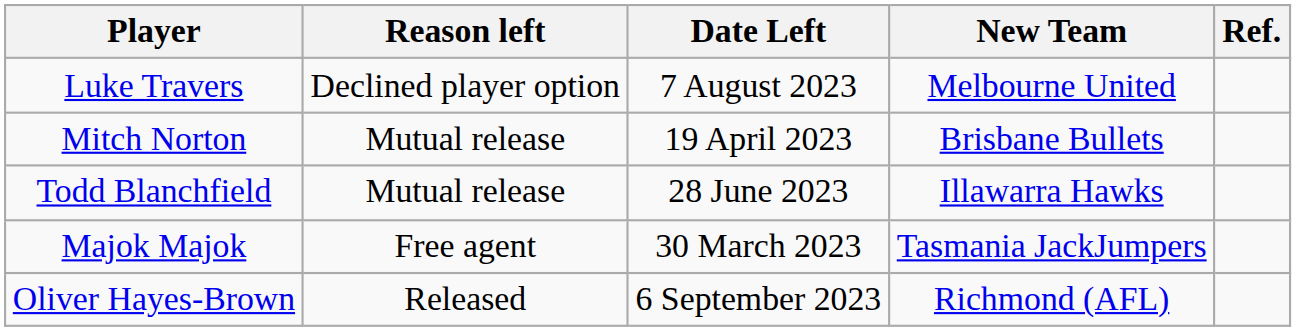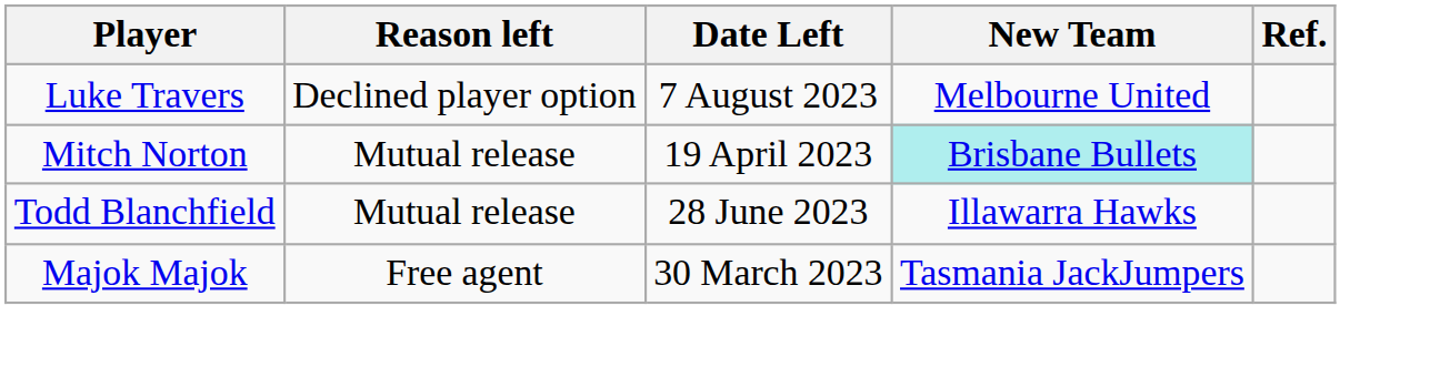 <table class="wikitable sortable sortable" style="text-align: center">
 <tr>
 <th>Player</th>
 <th>Reason left</th>
 <th>Date Left</th>
 <th>New Team</th>
 <th>Ref.</th>
 </tr>
 <tr>
 <td><a href='#'>Luke Travers</a></td>
 <td>Declined player option</td>
 <td>7 August 2023</td>
 <td><a href='#'>Melbourne United</a></td>
 <td></td>
 </tr>
 <tr>
 <td><a href='#'>Mitch Norton</a></td>
 <td>Mutual release</td>
 <td>19 April 2023</td>
-<td><a href='#'>Brisbane Bullets</a></td>
+<td style="background: paleturquoise;"><a href='#'>Brisbane Bullets</a></td>
 <td></td>
 </tr>
 <tr>
 <td><a href='#'>Todd Blanchfield</a></td>
 <td>Mutual release</td>
 <td>28 June 2023</td>
 <td><a href='#'>Illawarra Hawks</a></td>
 <td></td>
 </tr>
 <tr>
 <td><a href='#'>Majok Majok</a></td>
 <td>Free agent</td>
 <td>30 March 2023</td>
 <td><a href='#'>Tasmania JackJumpers</a></td>
 <td></td>
 </tr>
-<tr>
-<td><a href='#'>Oliver Hayes-Brown</a></td>
-<td>Released</td>
-<td>6 September 2023</td>
-<td><a href='#'>Richmond (AFL)</a></td>
-<td></td>
-</tr>
 </table>
